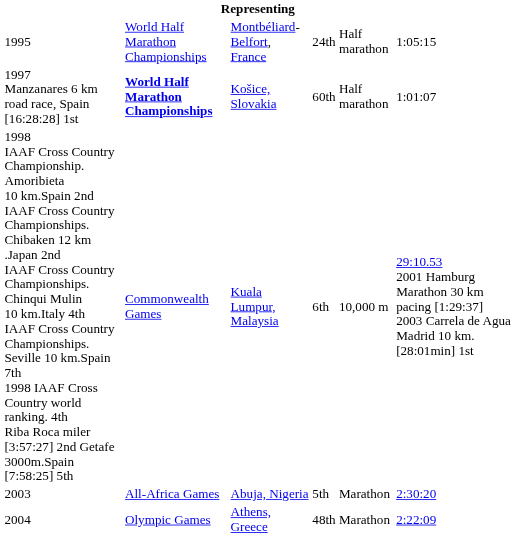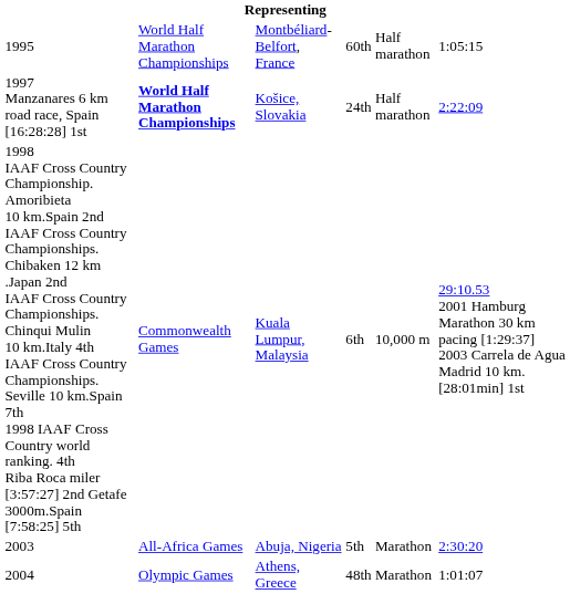 <table>
 <tr>
 <th colspan="6">Representing </th>
 </tr>
 <tr>
 <td>1995</td>
 <td><a href='#'>World Half Marathon Championships</a></td>
 <td><a href='#'>Montbéliard</a>-<a href='#'>Belfort</a>, <a href='#'>France</a></td>
-<td>24th</td>
+<td>60th</td>
 <td>Half marathon</td>
 <td>1:05:15</td>
 </tr>
 <tr>
 <td>1997<br>Manzanares 6 km road race, Spain [16:28:28] 1st</td>
 <td><strong><a href='#'>World Half Marathon Championships</a></strong></td>
 <td><a href='#'>Košice, Slovakia</a></td>
-<td>60th</td>
+<td>24th</td>
 <td>Half marathon</td>
-<td>1:01:07</td>
+<td><a href='#'>2:22:09</a></td>
 </tr>
 <tr>
 <td>1998<br>IAAF Cross Country Championship. Amoribieta 10 km.Spain 2nd<br>IAAF Cross Country Championships.  Chibaken 12 km .Japan 2nd<br>IAAF Cross Country Championships. Chinqui Mulin 10 km.Italy 4th<br>IAAF Cross Country Championships. Seville 10 km.Spain 7th<br>1998 IAAF Cross Country world ranking.  4th<br>Riba Roca miler [3:57:27] 2nd Getafe 3000m.Spain  [7:58:25] 5th</td>
 <td><a href='#'>Commonwealth Games</a></td>
 <td><a href='#'>Kuala Lumpur, Malaysia</a></td>
 <td>6th</td>
 <td>10,000 m</td>
 <td><a href='#'>29:10.53</a><br>2001 Hamburg Marathon 30 km pacing [1:29:37] 2003 Carrela de Agua Madrid 10 km. [28:01min] 1st</td>
 </tr>
 <tr>
 <td>2003</td>
 <td><a href='#'>All-Africa Games</a></td>
 <td><a href='#'>Abuja, Nigeria</a></td>
 <td>5th</td>
 <td>Marathon</td>
 <td><a href='#'>2:30:20</a></td>
 </tr>
 <tr>
 <td>2004</td>
 <td><a href='#'>Olympic Games</a></td>
 <td><a href='#'>Athens, Greece</a></td>
 <td>48th</td>
 <td>Marathon</td>
-<td><a href='#'>2:22:09</a></td>
+<td>1:01:07</td>
 </tr>
 </table>
